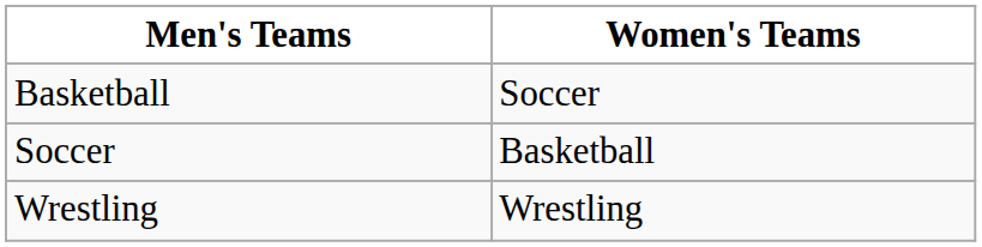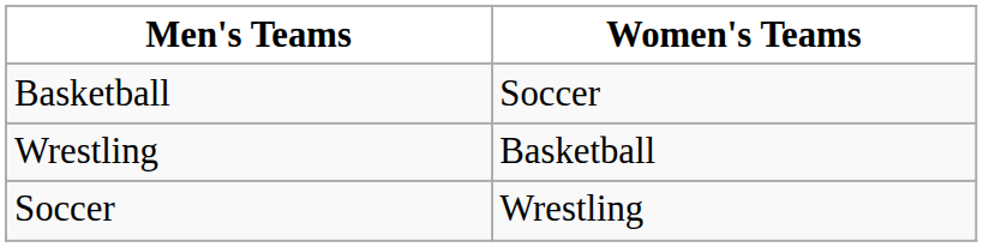 <table class="wikitable">
 <tr>
 <th scope="col" style="background:white; width:12.7em;">Men's Teams</th>
 <th scope="col" style="background:white; width:12.7em;">Women's Teams</th>
 </tr>
 <tr>
 <td>Basketball</td>
 <td>Soccer</td>
 </tr>
 <tr>
-<td>Soccer</td>
+<td>Wrestling</td>
 <td>Basketball</td>
 </tr>
 <tr>
-<td>Wrestling</td>
+<td>Soccer</td>
 <td>Wrestling</td>
 </tr>
 </table>
